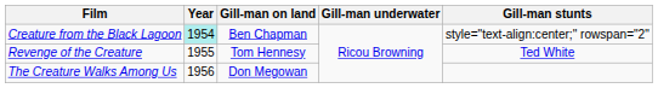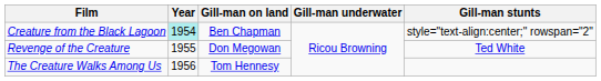 <table class="wikitable">
 <tr>
 <th scope="col">Film</th>
 <th scope="col">Year</th>
 <th scope="col">Gill-man on land</th>
 <th scope="col">Gill-man underwater</th>
 <th scope="col">Gill-man stunts</th>
 </tr>
 <tr>
 <td scope="row"><em><a href='#'>Creature from the Black Lagoon</a></em></td>
 <td style="background: paleturquoise; text-align:center;">1954</td>
 <td style="text-align:center;"><a href='#'>Ben Chapman</a></td>
 <td style="text-align:center;"   rowspan="3"><a href='#'>Ricou Browning</a></td>
 <td>style="text-align:center;" rowspan="2" </td>
 </tr>
 <tr>
 <td scope="row"><em><a href='#'>Revenge of the Creature</a></em></td>
 <td style="text-align:center;">1955</td>
-<td style="text-align:center;"><a href='#'>Tom Hennesy</a></td>
+<td style="text-align:center;"><a href='#'>Don Megowan</a></td>
 <td style="text-align:center;"><a href='#'>Ted White</a></td>
 </tr>
 <tr>
 <td scope="row"><em><a href='#'>The Creature Walks Among Us</a></em></td>
 <td style="text-align:center;">1956</td>
-<td style="text-align:center;"><a href='#'>Don Megowan</a></td>
+<td style="text-align:center;"><a href='#'>Tom Hennesy</a></td>
 </tr>
 </table>
